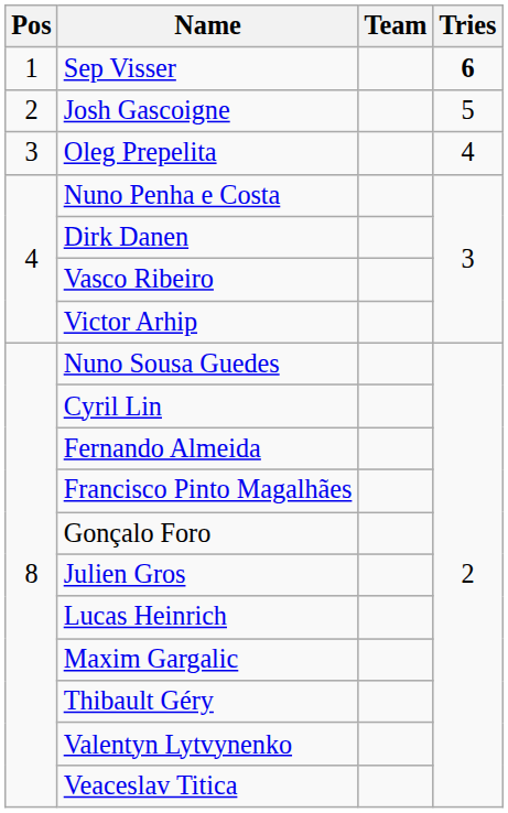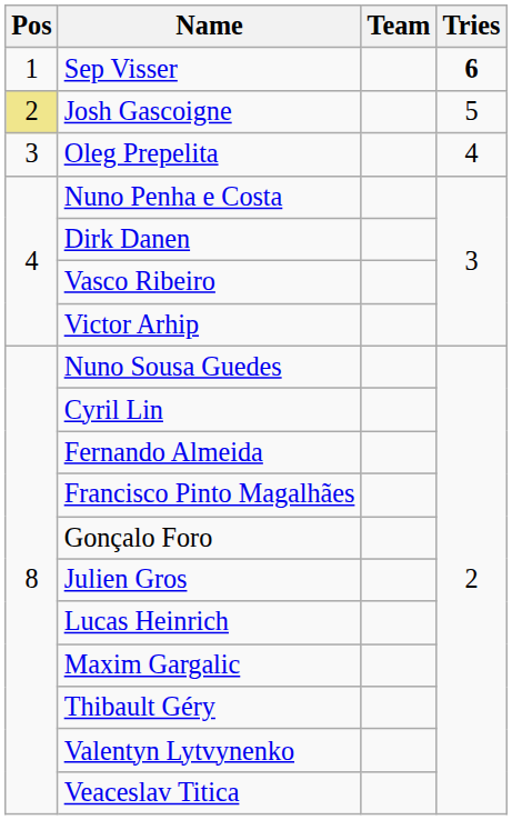 <table class="wikitable" style="text-align:center">
 <tr>
 <th>Pos</th>
 <th>Name</th>
 <th>Team</th>
 <th>Tries</th>
 </tr>
 <tr>
 <td>1</td>
 <td align="left"><a href='#'>Sep Visser</a></td>
 <td align="left"></td>
 <td><strong>6</strong></td>
 </tr>
 <tr>
-<td>2</td>
+<td style="background: khaki;">2</td>
 <td align="left"><a href='#'>Josh Gascoigne</a></td>
 <td align="left"></td>
 <td>5</td>
 </tr>
 <tr>
 <td>3</td>
 <td align="left"><a href='#'>Oleg Prepelita</a></td>
 <td align="left"></td>
 <td>4</td>
 </tr>
 <tr>
 <td rowspan=4>4</td>
 <td align="left"><a href='#'>Nuno Penha e Costa</a></td>
 <td align="left"></td>
 <td rowspan=4>3</td>
 </tr>
 <tr>
 <td align="left"><a href='#'>Dirk Danen</a></td>
 <td align="left"></td>
 </tr>
 <tr>
 <td align="left"><a href='#'>Vasco Ribeiro</a></td>
 <td align="left"></td>
 </tr>
 <tr>
 <td align="left"><a href='#'>Victor Arhip</a></td>
 <td align="left"></td>
 </tr>
 <tr>
 <td rowspan=11>8</td>
 <td align="left"><a href='#'>Nuno Sousa Guedes</a></td>
 <td align="left"></td>
 <td rowspan=11>2</td>
 </tr>
 <tr>
 <td align="left"><a href='#'>Cyril Lin</a></td>
 <td align="left"></td>
 </tr>
 <tr>
 <td align="left"><a href='#'>Fernando Almeida</a></td>
 <td align="left"></td>
 </tr>
 <tr>
 <td align="left"><a href='#'>Francisco Pinto Magalhães</a></td>
 <td align="left"></td>
 </tr>
 <tr>
 <td align="left">Gonçalo Foro</td>
 <td align="left"></td>
 </tr>
 <tr>
 <td align="left"><a href='#'>Julien Gros</a></td>
 <td align="left"></td>
 </tr>
 <tr>
 <td align="left"><a href='#'>Lucas Heinrich</a></td>
 <td align="left"></td>
 </tr>
 <tr>
 <td align="left"><a href='#'>Maxim Gargalic</a></td>
 <td align="left"></td>
 </tr>
 <tr>
 <td align="left"><a href='#'>Thibault Géry</a></td>
 <td align="left"></td>
 </tr>
 <tr>
 <td align="left"><a href='#'>Valentyn Lytvynenko</a></td>
 <td align="left"></td>
 </tr>
 <tr>
 <td align="left"><a href='#'>Veaceslav Titica</a></td>
 <td align="left"></td>
 </tr>
 </table>
